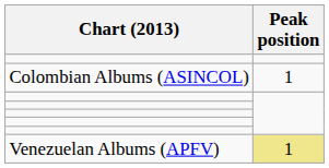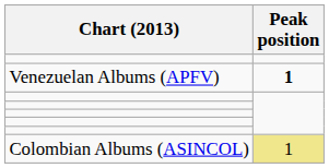 <table class="wikitable sortable plainrowheaders">
 <tr>
 <th>Chart (2013)</th>
 <th>Peak<br>position</th>
 </tr>
 <tr>
 <td></td>
 </tr>
 <tr>
-<td>Colombian Albums (<a href='#'>ASINCOL</a>)</td>
-<td style="text-align:center;">1</td>
+<td>Venezuelan Albums (<a href='#'>APFV</a>)</td>
+<td style="text-align:center;"><strong>1</strong></td>
 </tr>
 <tr>
 <td></td>
 </tr>
 <tr>
 <td></td>
 </tr>
 <tr>
 <td></td>
 </tr>
 <tr>
 <td></td>
 </tr>
 <tr>
 <td></td>
 </tr>
 <tr>
-<td>Venezuelan Albums (<a href='#'>APFV</a>)</td>
+<td>Colombian Albums (<a href='#'>ASINCOL</a>)</td>
 <td style="background: khaki; text-align:center;">1</td>
 </tr>
 </table>
